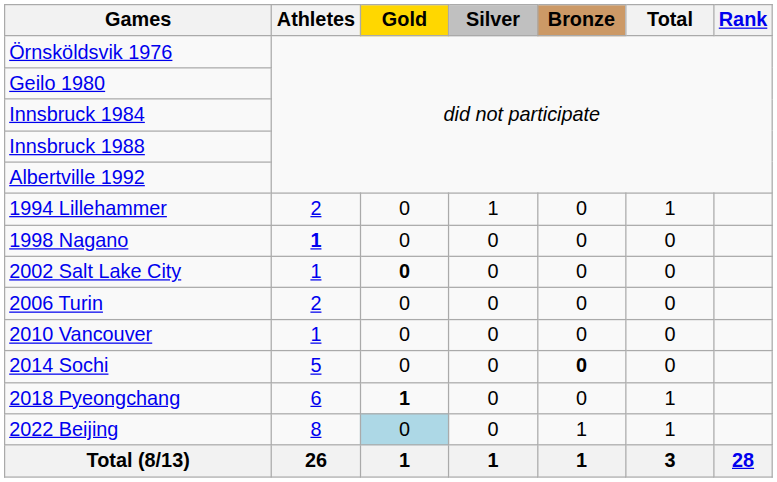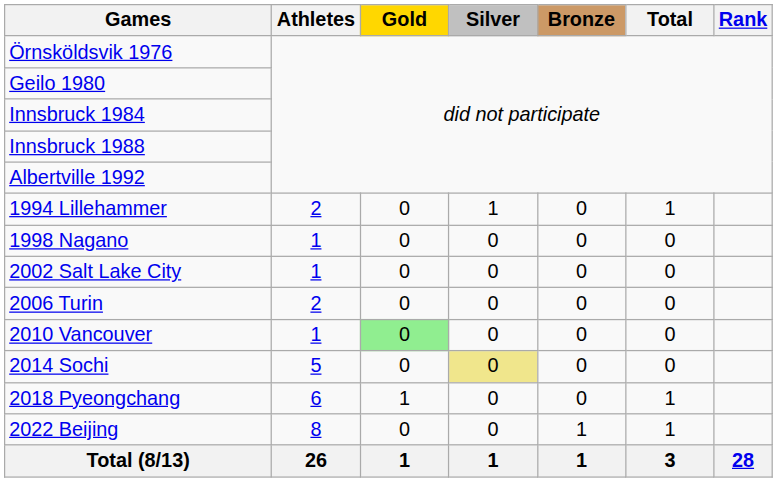 <table class="wikitable sortable" style="text-align:center; font-size:100%;">
 <tr>
 <th style="width:13em;">Games</th>
 <th style="width:4em;">Athletes</th>
 <th style="width:4em; background:gold;">Gold</th>
 <th style="width:4em; background:silver;">Silver</th>
 <th style="width:4em; background:#cc9966;">Bronze</th>
 <th style="width:4em;">Total</th>
 <th style="width:2em;"><a href='#'>Rank</a></th>
 </tr>
 <tr>
 <td align=left> <a href='#'>Örnsköldsvik 1976</a></td>
 <td colspan=6 rowspan=5><em>did not participate</em></td>
 </tr>
 <tr>
 <td align=left> <a href='#'>Geilo 1980</a></td>
 </tr>
 <tr>
 <td align=left> <a href='#'>Innsbruck 1984</a></td>
 </tr>
 <tr>
 <td align=left> <a href='#'>Innsbruck 1988</a></td>
 </tr>
 <tr>
 <td align=left> <a href='#'>Albertville 1992</a></td>
 </tr>
 <tr>
 <td align=left> <a href='#'>1994 Lillehammer</a></td>
 <td><a href='#'>2</a></td>
 <td>0</td>
 <td>1</td>
 <td>0</td>
 <td>1</td>
 <td></td>
 </tr>
 <tr>
 <td align=left> <a href='#'>1998 Nagano</a></td>
-<td><strong><a href='#'>1</a></strong></td>
+<td><a href='#'>1</a></td>
 <td>0</td>
 <td>0</td>
 <td>0</td>
 <td>0</td>
 <td></td>
 </tr>
 <tr>
 <td align=left> <a href='#'>2002 Salt Lake City</a></td>
 <td><a href='#'>1</a></td>
-<td><strong>0</strong></td>
+<td>0</td>
 <td>0</td>
 <td>0</td>
 <td>0</td>
 <td></td>
 </tr>
 <tr>
 <td align=left> <a href='#'>2006 Turin</a></td>
 <td><a href='#'>2</a></td>
 <td>0</td>
 <td>0</td>
 <td>0</td>
 <td>0</td>
 <td></td>
 </tr>
 <tr>
 <td align=left> <a href='#'>2010 Vancouver</a></td>
 <td><a href='#'>1</a></td>
-<td>0</td>
+<td style="background: lightgreen;">0</td>
 <td>0</td>
 <td>0</td>
 <td>0</td>
 <td></td>
 </tr>
 <tr>
 <td align=left> <a href='#'>2014 Sochi</a></td>
 <td><a href='#'>5</a></td>
 <td>0</td>
+<td style="background: khaki;">0</td>
 <td>0</td>
-<td><strong>0</strong></td>
 <td>0</td>
 <td></td>
 </tr>
 <tr>
 <td align=left> <a href='#'>2018 Pyeongchang</a></td>
 <td><a href='#'>6</a></td>
-<td><strong>1</strong></td>
+<td>1</td>
 <td>0</td>
 <td>0</td>
 <td>1</td>
 <td></td>
 </tr>
 <tr>
 <td align=left> <a href='#'>2022 Beijing</a></td>
 <td><a href='#'>8</a></td>
-<td style="background: lightblue;">0</td>
+<td>0</td>
 <td>0</td>
 <td>1</td>
 <td>1</td>
 <td></td>
 </tr>
 <tr class="sortbottom">
 <th colspan=1>Total (8/13)</th>
 <th>26</th>
 <th>1</th>
 <th>1</th>
 <th>1</th>
 <th>3</th>
 <th><a href='#'>28</a></th>
 </tr>
 </table>
